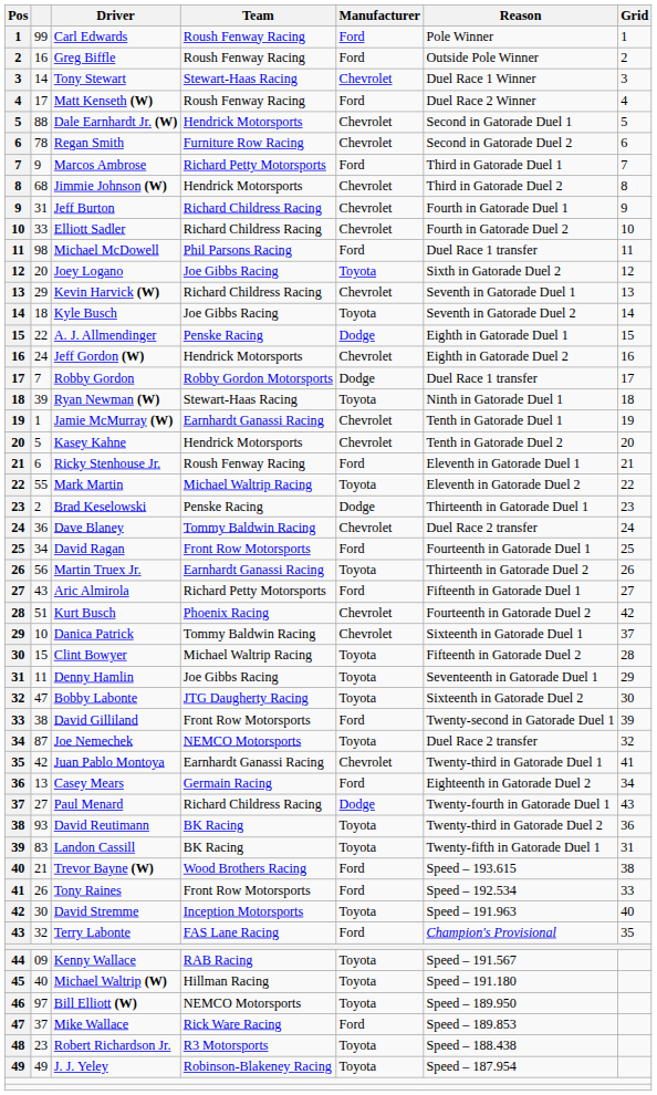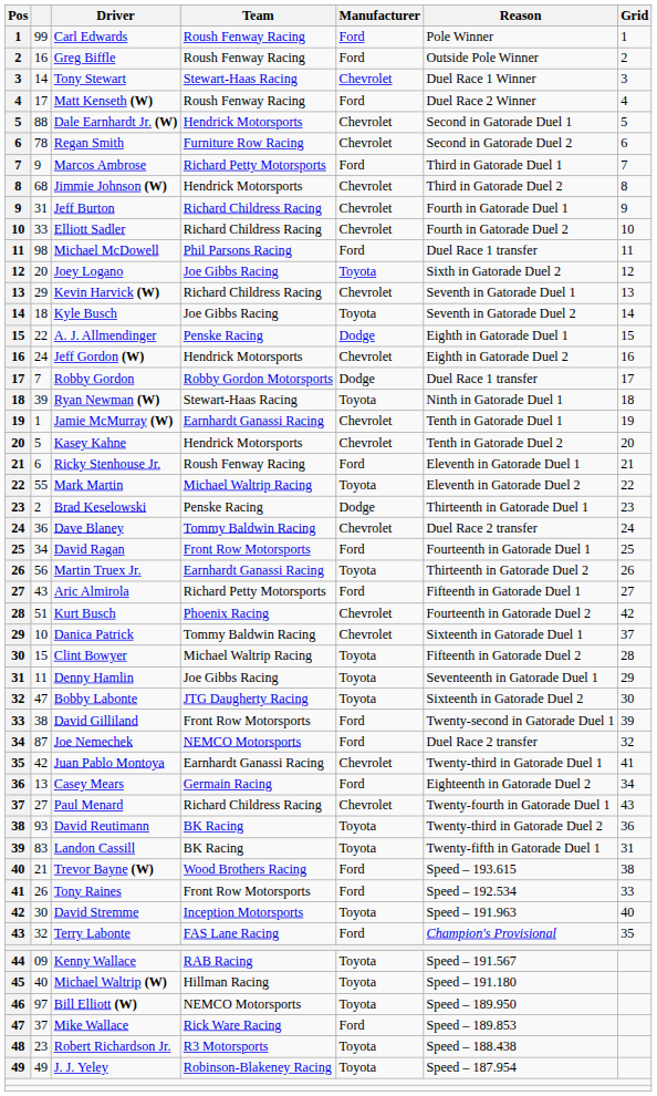 <table class="wikitable">
 <tr>
 <th scope="col">Pos</th>
 <th scope="col"></th>
 <th scope="col">Driver</th>
 <th scope="col">Team</th>
 <th scope="col">Manufacturer</th>
 <th scope="col">Reason</th>
 <th scope="col">Grid</th>
 </tr>
 <tr>
 <th scope="row">1</th>
 <td>99</td>
 <td><a href='#'>Carl Edwards</a></td>
 <td><a href='#'>Roush Fenway Racing</a></td>
 <td><a href='#'>Ford</a></td>
 <td>Pole Winner</td>
 <td>1</td>
 </tr>
 <tr>
 <th scope="row">2</th>
 <td>16</td>
 <td><a href='#'>Greg Biffle</a></td>
 <td>Roush Fenway Racing</td>
 <td>Ford</td>
 <td>Outside Pole Winner</td>
 <td>2</td>
 </tr>
 <tr>
 <th scope="row">3</th>
 <td>14</td>
 <td><a href='#'>Tony Stewart</a></td>
 <td><a href='#'>Stewart-Haas Racing</a></td>
 <td><a href='#'>Chevrolet</a></td>
 <td>Duel Race 1 Winner</td>
 <td>3</td>
 </tr>
 <tr>
 <th scope="row">4</th>
 <td>17</td>
 <td><a href='#'>Matt Kenseth</a> <strong>(W)</strong></td>
 <td>Roush Fenway Racing</td>
 <td>Ford</td>
 <td>Duel Race 2 Winner</td>
 <td>4</td>
 </tr>
 <tr>
 <th scope="row">5</th>
 <td>88</td>
 <td><a href='#'>Dale Earnhardt Jr.</a> <strong>(W)</strong></td>
 <td><a href='#'>Hendrick Motorsports</a></td>
 <td>Chevrolet</td>
 <td>Second in Gatorade Duel 1</td>
 <td>5</td>
 </tr>
 <tr>
 <th scope="row">6</th>
 <td>78</td>
 <td><a href='#'>Regan Smith</a></td>
 <td><a href='#'>Furniture Row Racing</a></td>
 <td>Chevrolet</td>
 <td>Second in Gatorade Duel 2</td>
 <td>6</td>
 </tr>
 <tr>
 <th scope="row">7</th>
 <td>9</td>
 <td><a href='#'>Marcos Ambrose</a></td>
 <td><a href='#'>Richard Petty Motorsports</a></td>
 <td>Ford</td>
 <td>Third in Gatorade Duel 1</td>
 <td>7</td>
 </tr>
 <tr>
 <th scope="row">8</th>
 <td>68</td>
 <td><a href='#'>Jimmie Johnson</a> <strong>(W)</strong></td>
 <td>Hendrick Motorsports</td>
 <td>Chevrolet</td>
 <td>Third in Gatorade Duel 2</td>
 <td>8</td>
 </tr>
 <tr>
 <th scope="row">9</th>
 <td>31</td>
 <td><a href='#'>Jeff Burton</a></td>
 <td><a href='#'>Richard Childress Racing</a></td>
 <td>Chevrolet</td>
 <td>Fourth in Gatorade Duel 1</td>
 <td>9</td>
 </tr>
 <tr>
 <th scope="row">10</th>
 <td>33</td>
 <td><a href='#'>Elliott Sadler</a></td>
 <td>Richard Childress Racing</td>
 <td>Chevrolet</td>
 <td>Fourth in Gatorade Duel 2</td>
 <td>10</td>
 </tr>
 <tr>
 <th scope="row">11</th>
 <td>98</td>
 <td><a href='#'>Michael McDowell</a></td>
 <td><a href='#'>Phil Parsons Racing</a></td>
 <td>Ford</td>
 <td>Duel Race 1 transfer</td>
 <td>11</td>
 </tr>
 <tr>
 <th scope="row">12</th>
 <td>20</td>
 <td><a href='#'>Joey Logano</a></td>
 <td><a href='#'>Joe Gibbs Racing</a></td>
 <td><a href='#'>Toyota</a></td>
 <td>Sixth in Gatorade Duel 2</td>
 <td>12</td>
 </tr>
 <tr>
 <th scope="row">13</th>
 <td>29</td>
 <td><a href='#'>Kevin Harvick</a> <strong>(W)</strong></td>
 <td>Richard Childress Racing</td>
 <td>Chevrolet</td>
 <td>Seventh in Gatorade Duel 1</td>
 <td>13</td>
 </tr>
 <tr>
 <th scope="row">14</th>
 <td>18</td>
 <td><a href='#'>Kyle Busch</a></td>
 <td>Joe Gibbs Racing</td>
 <td>Toyota</td>
 <td>Seventh in Gatorade Duel 2</td>
 <td>14</td>
 </tr>
 <tr>
 <th scope="row">15</th>
 <td>22</td>
 <td><a href='#'>A. J. Allmendinger</a></td>
 <td><a href='#'>Penske Racing</a></td>
 <td><a href='#'>Dodge</a></td>
 <td>Eighth in Gatorade Duel 1</td>
 <td>15</td>
 </tr>
 <tr>
 <th scope="row">16</th>
 <td>24</td>
 <td><a href='#'>Jeff Gordon</a> <strong>(W)</strong></td>
 <td>Hendrick Motorsports</td>
 <td>Chevrolet</td>
 <td>Eighth in Gatorade Duel 2</td>
 <td>16</td>
 </tr>
 <tr>
 <th scope="row">17</th>
 <td>7</td>
 <td><a href='#'>Robby Gordon</a></td>
 <td><a href='#'>Robby Gordon Motorsports</a></td>
 <td>Dodge</td>
 <td>Duel Race 1 transfer</td>
 <td>17</td>
 </tr>
 <tr>
 <th scope="row">18</th>
 <td>39</td>
 <td><a href='#'>Ryan Newman</a> <strong>(W)</strong></td>
 <td>Stewart-Haas Racing</td>
 <td>Toyota</td>
 <td>Ninth in Gatorade Duel 1</td>
 <td>18</td>
 </tr>
 <tr>
 <th scope="row">19</th>
 <td>1</td>
 <td><a href='#'>Jamie McMurray</a> <strong>(W)</strong></td>
 <td><a href='#'>Earnhardt Ganassi Racing</a></td>
 <td>Chevrolet</td>
 <td>Tenth in Gatorade Duel 1</td>
 <td>19</td>
 </tr>
 <tr>
 <th scope="row">20</th>
 <td>5</td>
 <td><a href='#'>Kasey Kahne</a></td>
 <td>Hendrick Motorsports</td>
 <td>Chevrolet</td>
 <td>Tenth in Gatorade Duel 2</td>
 <td>20</td>
 </tr>
 <tr>
 <th scope="row">21</th>
 <td>6</td>
 <td><a href='#'>Ricky Stenhouse Jr.</a></td>
 <td>Roush Fenway Racing</td>
 <td>Ford</td>
 <td>Eleventh in Gatorade Duel 1</td>
 <td>21</td>
 </tr>
 <tr>
 <th scope="row">22</th>
 <td>55</td>
 <td><a href='#'>Mark Martin</a></td>
 <td><a href='#'>Michael Waltrip Racing</a></td>
 <td>Toyota</td>
 <td>Eleventh in Gatorade Duel 2</td>
 <td>22</td>
 </tr>
 <tr>
 <th scope="row">23</th>
 <td>2</td>
 <td><a href='#'>Brad Keselowski</a></td>
 <td>Penske Racing</td>
 <td>Dodge</td>
 <td>Thirteenth in Gatorade Duel 1</td>
 <td>23</td>
 </tr>
 <tr>
 <th scope="row">24</th>
 <td>36</td>
 <td><a href='#'>Dave Blaney</a></td>
 <td><a href='#'>Tommy Baldwin Racing</a></td>
 <td>Chevrolet</td>
 <td>Duel Race 2 transfer</td>
 <td>24</td>
 </tr>
 <tr>
 <th scope="row">25</th>
 <td>34</td>
 <td><a href='#'>David Ragan</a></td>
 <td><a href='#'>Front Row Motorsports</a></td>
 <td>Ford</td>
 <td>Fourteenth in Gatorade Duel 1</td>
 <td>25</td>
 </tr>
 <tr>
 <th scope="row">26</th>
 <td>56</td>
 <td><a href='#'>Martin Truex Jr.</a></td>
 <td><a href='#'>Earnhardt Ganassi Racing</a></td>
 <td>Toyota</td>
 <td>Thirteenth in Gatorade Duel 2</td>
 <td>26</td>
 </tr>
 <tr>
 <th scope="row">27</th>
 <td>43</td>
 <td><a href='#'>Aric Almirola</a></td>
 <td>Richard Petty Motorsports</td>
 <td>Ford</td>
 <td>Fifteenth in Gatorade Duel 1</td>
 <td>27</td>
 </tr>
 <tr>
 <th scope="row">28</th>
 <td>51</td>
 <td><a href='#'>Kurt Busch</a></td>
 <td><a href='#'>Phoenix Racing</a></td>
 <td>Chevrolet</td>
 <td>Fourteenth in Gatorade Duel 2</td>
 <td>42</td>
 </tr>
 <tr>
 <th scope="row">29</th>
 <td>10</td>
 <td><a href='#'>Danica Patrick</a></td>
 <td><abbr>Tommy Baldwin Racing</abbr></td>
 <td>Chevrolet</td>
 <td>Sixteenth in Gatorade Duel 1</td>
 <td>37</td>
 </tr>
 <tr>
 <th scope="row">30</th>
 <td>15</td>
 <td><a href='#'>Clint Bowyer</a></td>
 <td>Michael Waltrip Racing</td>
 <td>Toyota</td>
 <td>Fifteenth in Gatorade Duel 2</td>
 <td>28</td>
 </tr>
 <tr>
 <th scope="row">31</th>
 <td>11</td>
 <td><a href='#'>Denny Hamlin</a></td>
 <td>Joe Gibbs Racing</td>
 <td>Toyota</td>
 <td>Seventeenth in Gatorade Duel 1</td>
 <td>29</td>
 </tr>
 <tr>
 <th scope="row">32</th>
 <td>47</td>
 <td><a href='#'>Bobby Labonte</a></td>
 <td><a href='#'>JTG Daugherty Racing</a></td>
 <td>Toyota</td>
 <td>Sixteenth in Gatorade Duel 2</td>
 <td>30</td>
 </tr>
 <tr>
 <th scope="row">33</th>
 <td>38</td>
 <td><a href='#'>David Gilliland</a></td>
 <td>Front Row Motorsports</td>
 <td>Ford</td>
 <td>Twenty-second in Gatorade Duel 1</td>
 <td>39</td>
 </tr>
 <tr>
 <th scope="row">34</th>
 <td>87</td>
 <td><a href='#'>Joe Nemechek</a></td>
 <td><a href='#'>NEMCO Motorsports</a></td>
-<td>Toyota</td>
+<td>Ford</td>
 <td>Duel Race 2 transfer</td>
 <td>32</td>
 </tr>
 <tr>
 <th scope="row">35</th>
 <td>42</td>
 <td><a href='#'>Juan Pablo Montoya</a></td>
 <td>Earnhardt Ganassi Racing</td>
 <td>Chevrolet</td>
 <td>Twenty-third in Gatorade Duel 1</td>
 <td>41</td>
 </tr>
 <tr>
 <th scope="row">36</th>
 <td>13</td>
 <td><a href='#'>Casey Mears</a></td>
 <td><a href='#'>Germain Racing</a></td>
 <td>Ford</td>
 <td>Eighteenth in Gatorade Duel 2</td>
 <td>34</td>
 </tr>
 <tr>
 <th scope="row">37</th>
 <td>27</td>
 <td><a href='#'>Paul Menard</a></td>
 <td>Richard Childress Racing</td>
-<td><a href='#'>Dodge</a></td>
+<td>Chevrolet</td>
 <td>Twenty-fourth in Gatorade Duel 1</td>
 <td>43</td>
 </tr>
 <tr>
 <th scope="row">38</th>
 <td>93</td>
 <td><a href='#'>David Reutimann</a></td>
 <td><a href='#'>BK Racing</a></td>
 <td>Toyota</td>
 <td>Twenty-third in Gatorade Duel 2</td>
 <td>36</td>
 </tr>
 <tr>
 <th scope="row">39</th>
 <td>83</td>
 <td><a href='#'>Landon Cassill</a></td>
 <td>BK Racing</td>
 <td>Toyota</td>
 <td>Twenty-fifth in Gatorade Duel 1</td>
 <td>31</td>
 </tr>
 <tr>
 <th scope="row">40</th>
 <td>21</td>
 <td><a href='#'>Trevor Bayne</a> <strong>(W)</strong></td>
 <td><a href='#'>Wood Brothers Racing</a></td>
 <td>Ford</td>
 <td>Speed – 193.615</td>
 <td>38</td>
 </tr>
 <tr>
 <th scope="row">41</th>
 <td>26</td>
 <td><a href='#'>Tony Raines</a></td>
 <td>Front Row Motorsports</td>
 <td>Ford</td>
 <td>Speed – 192.534</td>
 <td>33</td>
 </tr>
 <tr>
 <th scope="row">42</th>
 <td>30</td>
 <td><a href='#'>David Stremme</a></td>
 <td><a href='#'>Inception Motorsports</a></td>
 <td>Toyota</td>
 <td>Speed – 191.963</td>
 <td>40</td>
 </tr>
 <tr>
 <th scope="row">43</th>
 <td>32</td>
 <td><a href='#'>Terry Labonte</a></td>
 <td><a href='#'>FAS Lane Racing</a></td>
 <td>Ford</td>
 <td><em><a href='#'>Champion's Provisional</a></em></td>
 <td>35</td>
 </tr>
 <tr>
 <th colspan="7"></th>
 </tr>
 <tr>
 <th scope="row">44</th>
 <td>09</td>
 <td><a href='#'>Kenny Wallace</a></td>
 <td><a href='#'>RAB Racing</a></td>
 <td>Toyota</td>
 <td>Speed – 191.567</td>
 <td></td>
 </tr>
 <tr>
 <th scope="row">45</th>
 <td>40</td>
 <td><a href='#'>Michael Waltrip</a> <strong>(W)</strong></td>
 <td>Hillman Racing</td>
 <td>Toyota</td>
 <td>Speed – 191.180</td>
 <td></td>
 </tr>
 <tr>
 <th scope="row">46</th>
 <td>97</td>
 <td><a href='#'>Bill Elliott</a> <strong>(W)</strong></td>
 <td>NEMCO Motorsports</td>
 <td>Toyota</td>
 <td>Speed – 189.950</td>
 <td></td>
 </tr>
 <tr>
 <th scope="row">47</th>
 <td>37</td>
 <td><a href='#'>Mike Wallace</a></td>
 <td><a href='#'>Rick Ware Racing</a></td>
 <td>Ford</td>
 <td>Speed – 189.853</td>
 <td></td>
 </tr>
 <tr>
 <th scope="row">48</th>
 <td>23</td>
 <td><a href='#'>Robert Richardson Jr.</a></td>
 <td><a href='#'>R3 Motorsports</a></td>
 <td>Toyota</td>
 <td>Speed – 188.438</td>
 <td></td>
 </tr>
 <tr>
 <th scope="row">49</th>
 <td>49</td>
 <td><a href='#'>J. J. Yeley</a></td>
 <td><a href='#'>Robinson-Blakeney Racing</a></td>
 <td>Toyota</td>
 <td>Speed – 187.954</td>
 <td></td>
 </tr>
 <tr>
 <td colspan="7"></td>
 </tr>
 <tr>
 <td colspan="7"></td>
 </tr>
 </table>
